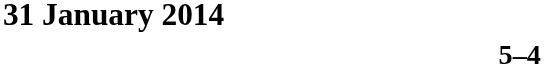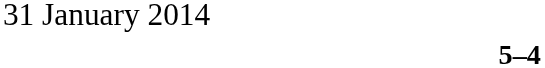 <table width=100% cellspacing=1>
 <tr>
 <th width=25%></th>
 <th width=10%></th>
 <th></th>
 </tr>
 <tr>
-<td><strong>31 January 2014</strong></td>
+<td>31 January 2014</td>
 </tr>
 <tr style=font-size:90%>
 <td align=right><strong></strong></td>
 <td align=center><strong>5–4</strong></td>
 <td><strong></strong></td>
 <td></td>
 </tr>
 </table>
